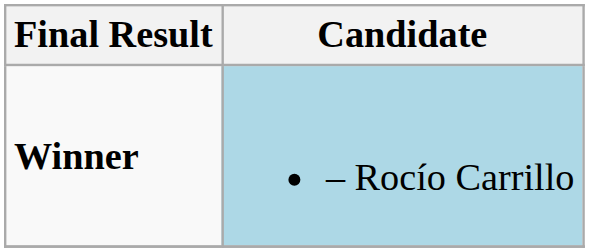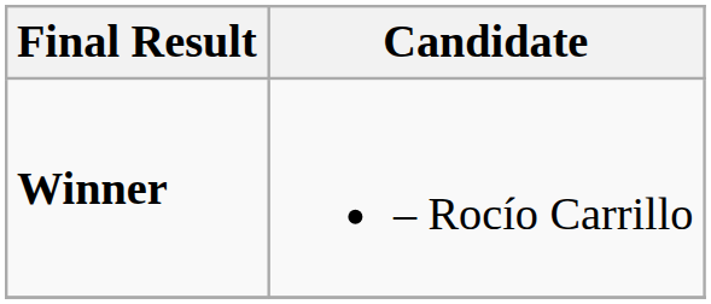 <table class="wikitable">
 <tr>
 <th>Final Result</th>
 <th>Candidate</th>
 </tr>
 <tr>
 <td><strong>Winner</strong></td>
-<td style="background: lightblue;"><br><ul><li><strong></strong> – Rocío Carrillo</li></ul></td>
+<td><br><ul><li><strong></strong> – Rocío Carrillo</li></ul></td>
 </tr>
 <tr>
 </tr>
 </table>
